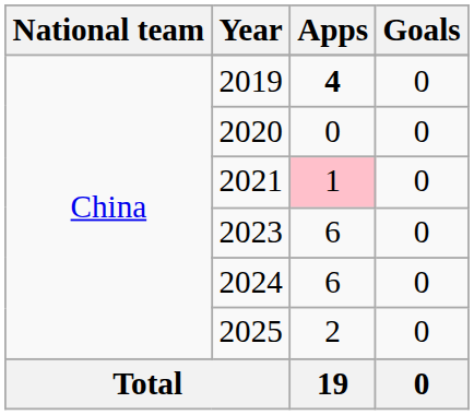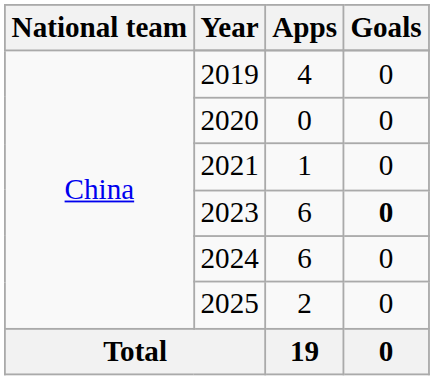 <table class="wikitable" style="text-align:center">
 <tr>
 <th>National team</th>
 <th>Year</th>
 <th>Apps</th>
 <th>Goals</th>
 </tr>
 <tr>
 <td rowspan="7"><a href='#'>China</a></td>
 </tr>
 <tr>
 <td>2019</td>
-<td><strong>4</strong></td>
+<td>4</td>
 <td>0</td>
 </tr>
 <tr>
 <td>2020</td>
 <td>0</td>
 <td>0</td>
 </tr>
 <tr>
 <td>2021</td>
-<td style="background: pink;">1</td>
+<td>1</td>
 <td>0</td>
 </tr>
 <tr>
 <td>2023</td>
 <td>6</td>
-<td>0</td>
+<td><strong>0</strong></td>
 </tr>
 <tr>
 <td>2024</td>
 <td>6</td>
 <td>0</td>
 </tr>
 <tr>
 <td>2025</td>
 <td>2</td>
 <td>0</td>
 </tr>
 <tr>
 <th colspan="2">Total</th>
 <th>19</th>
 <th>0</th>
 </tr>
 </table>
